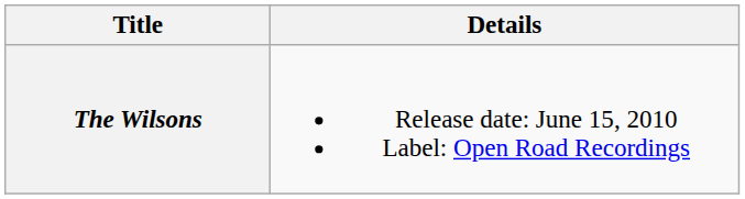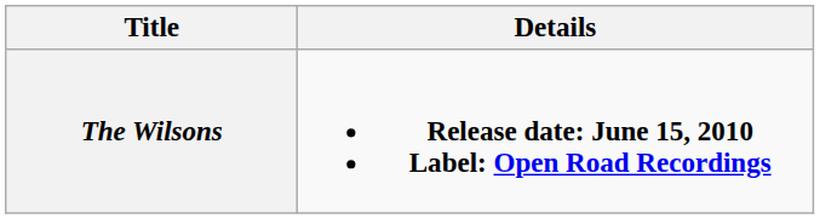 <table class="wikitable plainrowheaders" style="text-align:center;">
 <tr>
 <th style="width:10em;">Title</th>
 <th style="width:18em;">Details</th>
 </tr>
 <tr>
 <th scope="row"><em>The Wilsons</em></th>
-<td><br><ul><li>Release date: June 15, 2010</li><li>Label: <a href='#'>Open Road Recordings</a></li></ul></td>
+<td><strong><br><ul><li>Release date: June 15, 2010</li><li>Label: <a href='#'>Open Road Recordings</a></li></ul></strong></td>
 </tr>
 </table>
